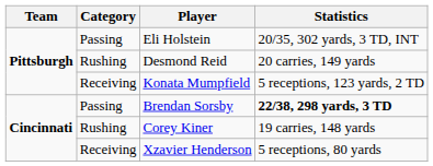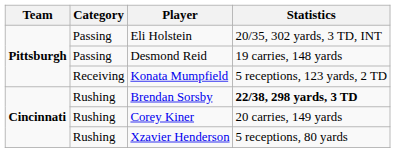 <table class="wikitable" style="float: right;">
 <tr>
 <th>Team</th>
 <th>Category</th>
 <th>Player</th>
 <th>Statistics</th>
 </tr>
 <tr>
 <td rowspan=3><strong>Pittsburgh</strong></td>
 <td>Passing</td>
 <td>Eli Holstein</td>
 <td>20/35, 302 yards, 3 TD, INT</td>
 </tr>
 <tr>
-<td>Rushing</td>
+<td>Passing</td>
 <td>Desmond Reid</td>
-<td>20 carries, 149 yards</td>
+<td>19 carries, 148 yards</td>
 </tr>
 <tr>
 <td>Receiving</td>
 <td><a href='#'>Konata Mumpfield</a></td>
 <td>5 receptions, 123 yards, 2 TD</td>
 </tr>
 <tr>
 <td rowspan=3><strong>Cincinnati</strong></td>
-<td>Passing</td>
+<td>Rushing</td>
 <td><a href='#'>Brendan Sorsby</a></td>
 <td><strong>22/38, 298 yards, 3 TD</strong></td>
 </tr>
 <tr>
 <td>Rushing</td>
 <td><a href='#'>Corey Kiner</a></td>
-<td>19 carries, 148 yards</td>
+<td>20 carries, 149 yards</td>
 </tr>
 <tr>
-<td>Receiving</td>
+<td>Rushing</td>
 <td><a href='#'>Xzavier Henderson</a></td>
 <td>5 receptions, 80 yards</td>
 </tr>
 </table>
